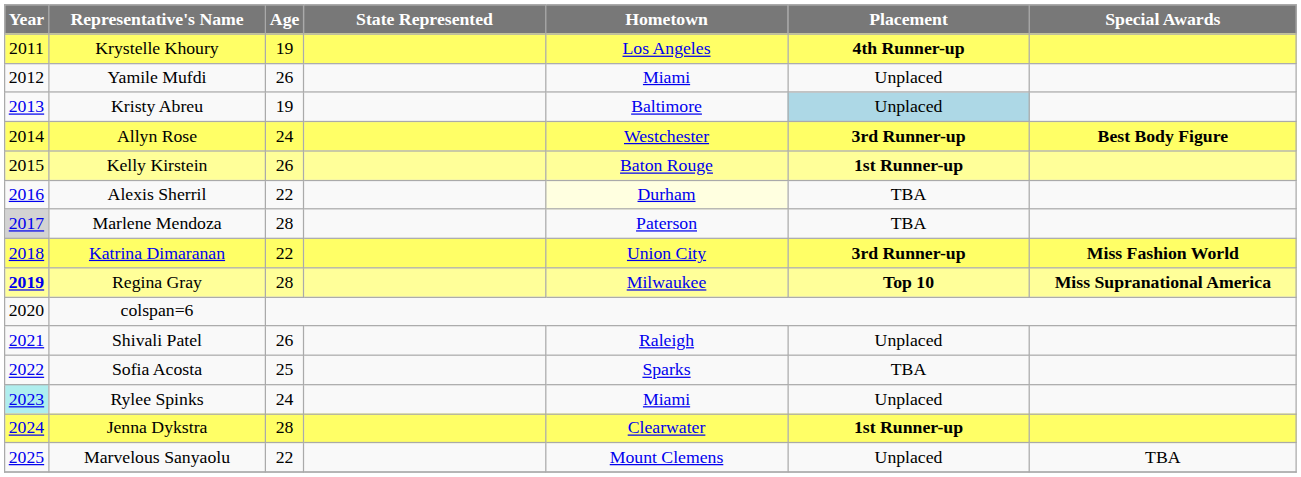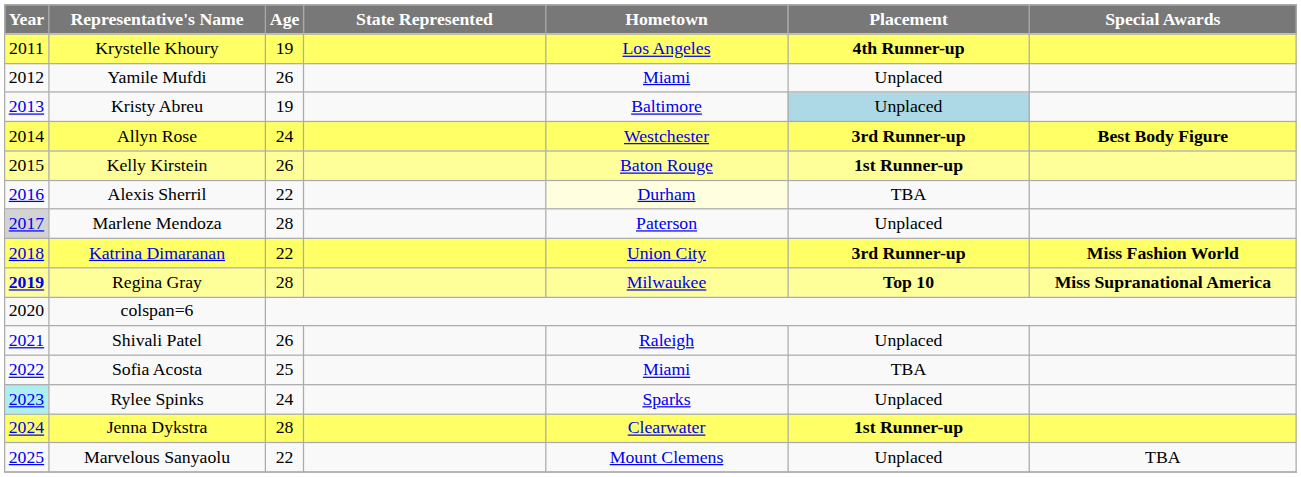 <table class="wikitable sortable" style="font-size: 90%; text-align:center">
 <tr>
 <th width="0" style="background-color:#787878;color:#FFFFFF;">Year</th>
 <th width="170" style="background-color:#787878;color:#FFFFFF;">Representative's Name</th>
 <th width="0" style="background-color:#787878;color:#FFFFFF;">Age</th>
 <th width="190" style="background-color:#787878;color:#FFFFFF;">State Represented</th>
 <th width="190" style="background-color:#787878;color:#FFFFFF;">Hometown</th>
 <th width="190" style="background-color:#787878;color:#FFFFFF;">Placement</th>
 <th width="210" style="background-color:#787878;color:#FFFFFF;">Special Awards</th>
 </tr>
 <tr style="background-color:#FFFF66; ">
 <td>2011</td>
 <td>Krystelle Khoury</td>
 <td>19</td>
 <td></td>
 <td><a href='#'>Los Angeles</a></td>
 <td><strong>4th Runner-up</strong></td>
 <td></td>
 </tr>
 <tr>
 <td>2012</td>
 <td>Yamile Mufdi</td>
 <td>26</td>
 <td></td>
 <td><a href='#'>Miami</a></td>
 <td>Unplaced</td>
 <td></td>
 </tr>
 <tr>
 <td><a href='#'>2013</a></td>
 <td>Kristy Abreu</td>
 <td>19</td>
 <td></td>
 <td><a href='#'>Baltimore</a></td>
 <td style="background: lightblue;">Unplaced</td>
 <td></td>
 </tr>
 <tr style="background-color:#FFFF66; ">
 <td>2014</td>
 <td>Allyn Rose</td>
 <td>24</td>
 <td></td>
 <td><a href='#'>Westchester</a></td>
 <td><strong>3rd Runner-up</strong></td>
 <td><strong>Best Body Figure</strong></td>
 </tr>
 <tr style="background-color:#FFFF99;">
 <td>2015</td>
 <td>Kelly Kirstein</td>
 <td>26</td>
 <td></td>
 <td><a href='#'>Baton Rouge</a></td>
 <td><strong>1st Runner-up</strong></td>
 <td></td>
 </tr>
 <tr>
 <td><a href='#'>2016</a></td>
 <td>Alexis Sherril</td>
 <td>22</td>
 <td></td>
 <td style="background: lightyellow;"><a href='#'>Durham</a></td>
 <td>TBA</td>
 <td></td>
 </tr>
 <tr>
 <td style="background: lightgrey;"><a href='#'>2017</a></td>
 <td>Marlene Mendoza</td>
 <td>28</td>
 <td></td>
 <td><a href='#'>Paterson</a></td>
-<td>TBA</td>
+<td>Unplaced</td>
 <td></td>
 </tr>
 <tr style="background-color:#FFFF66; ">
 <td><a href='#'>2018</a></td>
 <td><a href='#'>Katrina Dimaranan</a></td>
 <td>22</td>
 <td></td>
 <td><a href='#'>Union City</a></td>
 <td><strong>3rd Runner-up</strong></td>
 <td><strong>Miss Fashion World</strong></td>
 </tr>
 <tr style="background-color:#FFFF99;">
 <td><strong><a href='#'>2019</a></strong></td>
 <td>Regina Gray</td>
 <td>28</td>
 <td></td>
 <td><a href='#'>Milwaukee</a></td>
 <td><strong>Top 10</strong></td>
 <td><strong>Miss Supranational America</strong></td>
 </tr>
 <tr>
 <td>2020</td>
 <td>colspan=6 </td>
 </tr>
 <tr>
 <td><a href='#'>2021</a></td>
 <td>Shivali Patel</td>
 <td>26</td>
 <td></td>
 <td><a href='#'>Raleigh</a></td>
 <td>Unplaced</td>
 <td></td>
 </tr>
 <tr>
 <td><a href='#'>2022</a></td>
 <td>Sofia Acosta</td>
 <td>25</td>
 <td></td>
-<td><a href='#'>Sparks</a></td>
+<td><a href='#'>Miami</a></td>
 <td>TBA</td>
 <td></td>
 </tr>
 <tr>
 <td style="background: paleturquoise;"><a href='#'>2023</a></td>
 <td>Rylee Spinks</td>
 <td>24</td>
 <td></td>
-<td><a href='#'>Miami</a></td>
+<td><a href='#'>Sparks</a></td>
 <td>Unplaced</td>
 <td></td>
 </tr>
 <tr style="background-color:#FFFF66; ">
 <td><a href='#'>2024</a></td>
 <td>Jenna Dykstra</td>
 <td>28</td>
 <td></td>
 <td><a href='#'>Clearwater</a></td>
 <td><strong>1st Runner-up</strong></td>
 <td></td>
 </tr>
 <tr>
 <td><a href='#'>2025</a></td>
 <td>Marvelous Sanyaolu</td>
 <td>22</td>
 <td></td>
 <td><a href='#'>Mount Clemens</a></td>
 <td>Unplaced</td>
 <td>TBA</td>
 </tr>
 <tr>
 </tr>
 </table>
